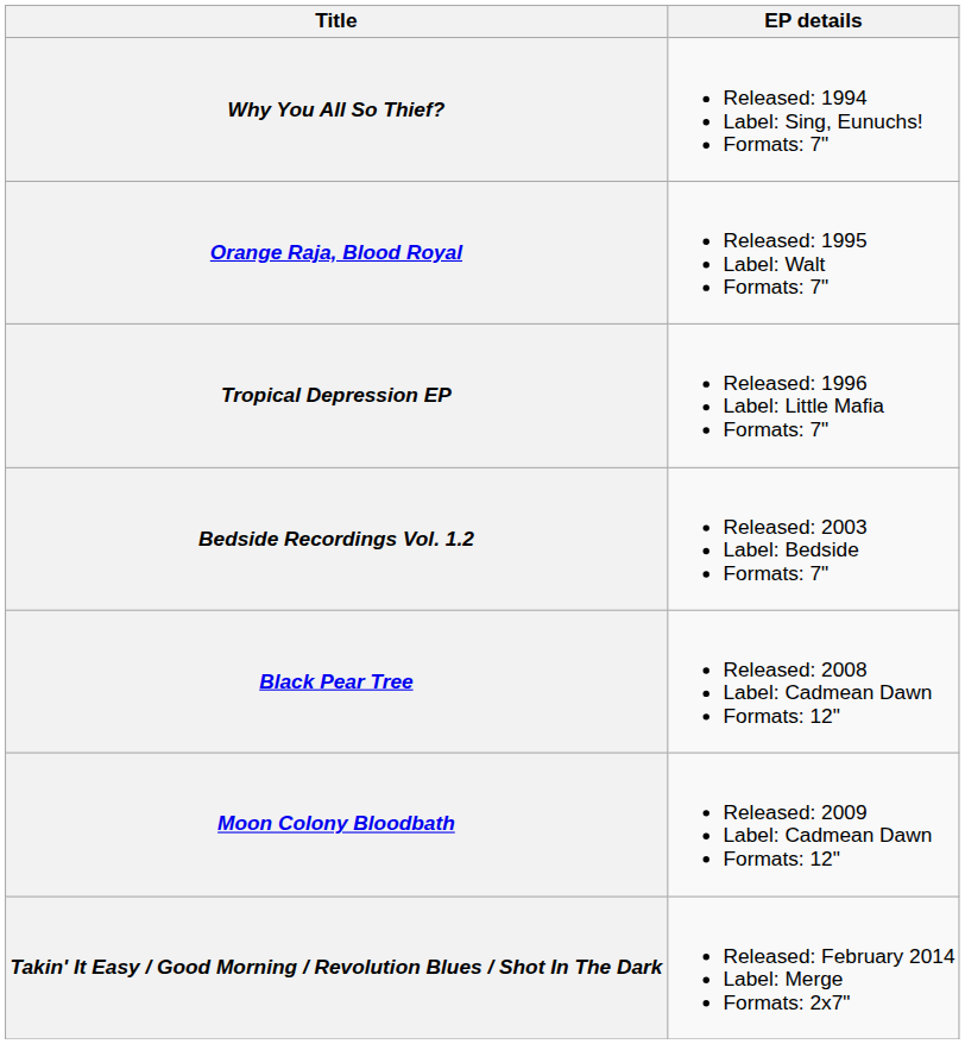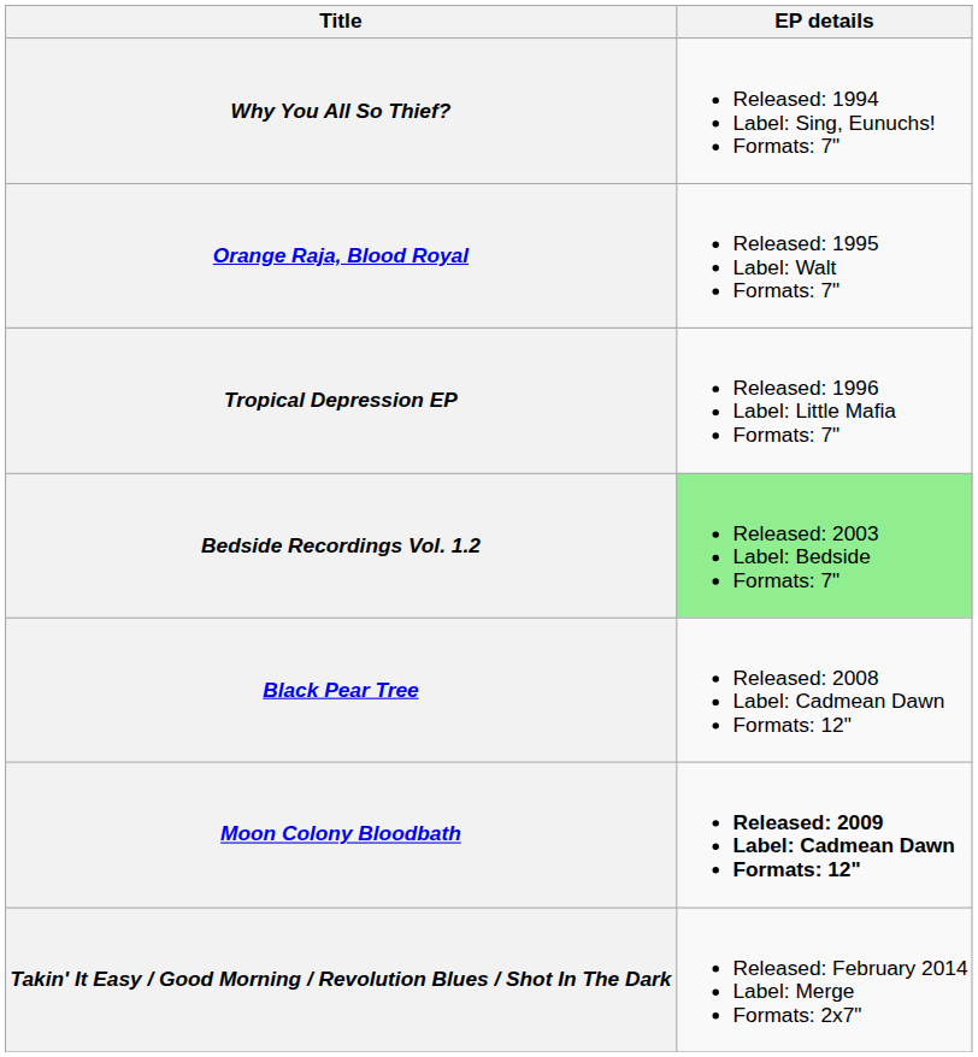 <table class="wikitable plainrowheaders">
 <tr>
 <th>Title</th>
 <th>EP details</th>
 </tr>
 <tr>
 <th scope="row"><em>Why You All So Thief?</em><br></th>
 <td><br><ul><li>Released: 1994</li><li>Label: Sing, Eunuchs!</li><li>Formats: 7"</li></ul></td>
 </tr>
 <tr>
 <th scope="row"><em><a href='#'>Orange Raja, Blood Royal</a></em><br></th>
 <td><br><ul><li>Released: 1995</li><li>Label: Walt</li><li>Formats: 7"</li></ul></td>
 </tr>
 <tr>
 <th scope="row"><em>Tropical Depression EP</em><br></th>
 <td><br><ul><li>Released: 1996</li><li>Label: Little Mafia</li><li>Formats: 7"</li></ul></td>
 </tr>
 <tr>
 <th scope="row"><em>Bedside Recordings Vol. 1.2</em><br></th>
-<td><br><ul><li>Released: 2003</li><li>Label: Bedside</li><li>Formats: 7"</li></ul></td>
+<td style="background: lightgreen;"><br><ul><li>Released: 2003</li><li>Label: Bedside</li><li>Formats: 7"</li></ul></td>
 </tr>
 <tr>
 <th scope="row"><em><a href='#'>Black Pear Tree</a></em><br></th>
 <td><br><ul><li>Released: 2008</li><li>Label: Cadmean Dawn</li><li>Formats: 12"</li></ul></td>
 </tr>
 <tr>
 <th scope="row"><em><a href='#'>Moon Colony Bloodbath</a></em><br></th>
-<td><br><ul><li>Released: 2009</li><li>Label: Cadmean Dawn</li><li>Formats: 12"</li></ul></td>
+<td><strong><br><ul><li>Released: 2009</li><li>Label: Cadmean Dawn</li><li>Formats: 12"</li></ul></strong></td>
 </tr>
 <tr>
 <th scope="row"><em>Takin' It Easy / Good Morning / Revolution Blues / Shot In The Dark</em><br></th>
 <td><br><ul><li>Released: February 2014</li><li>Label: Merge</li><li>Formats: 2x7"</li></ul></td>
 </tr>
 </table>
